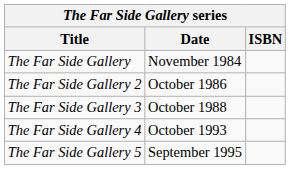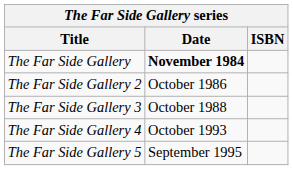 <table class="wikitable collapsible">
 <tr>
 <th colspan=3><em>The Far Side Gallery</em> series</th>
 </tr>
 <tr>
 <th>Title</th>
 <th>Date</th>
 <th>ISBN</th>
 </tr>
 <tr>
 <td><em>The Far Side Gallery</em></td>
-<td>November 1984</td>
+<td><strong>November 1984</strong></td>
 <td></td>
 </tr>
 <tr>
 <td><em>The Far Side Gallery 2</em></td>
 <td>October 1986</td>
 <td></td>
 </tr>
 <tr>
 <td><em>The Far Side Gallery 3</em></td>
 <td>October 1988</td>
 <td></td>
 </tr>
 <tr>
 <td><em>The Far Side Gallery 4</em></td>
 <td>October 1993</td>
 <td></td>
 </tr>
 <tr>
 <td><em>The Far Side Gallery 5</em></td>
 <td>September 1995</td>
 <td></td>
 </tr>
 </table>
